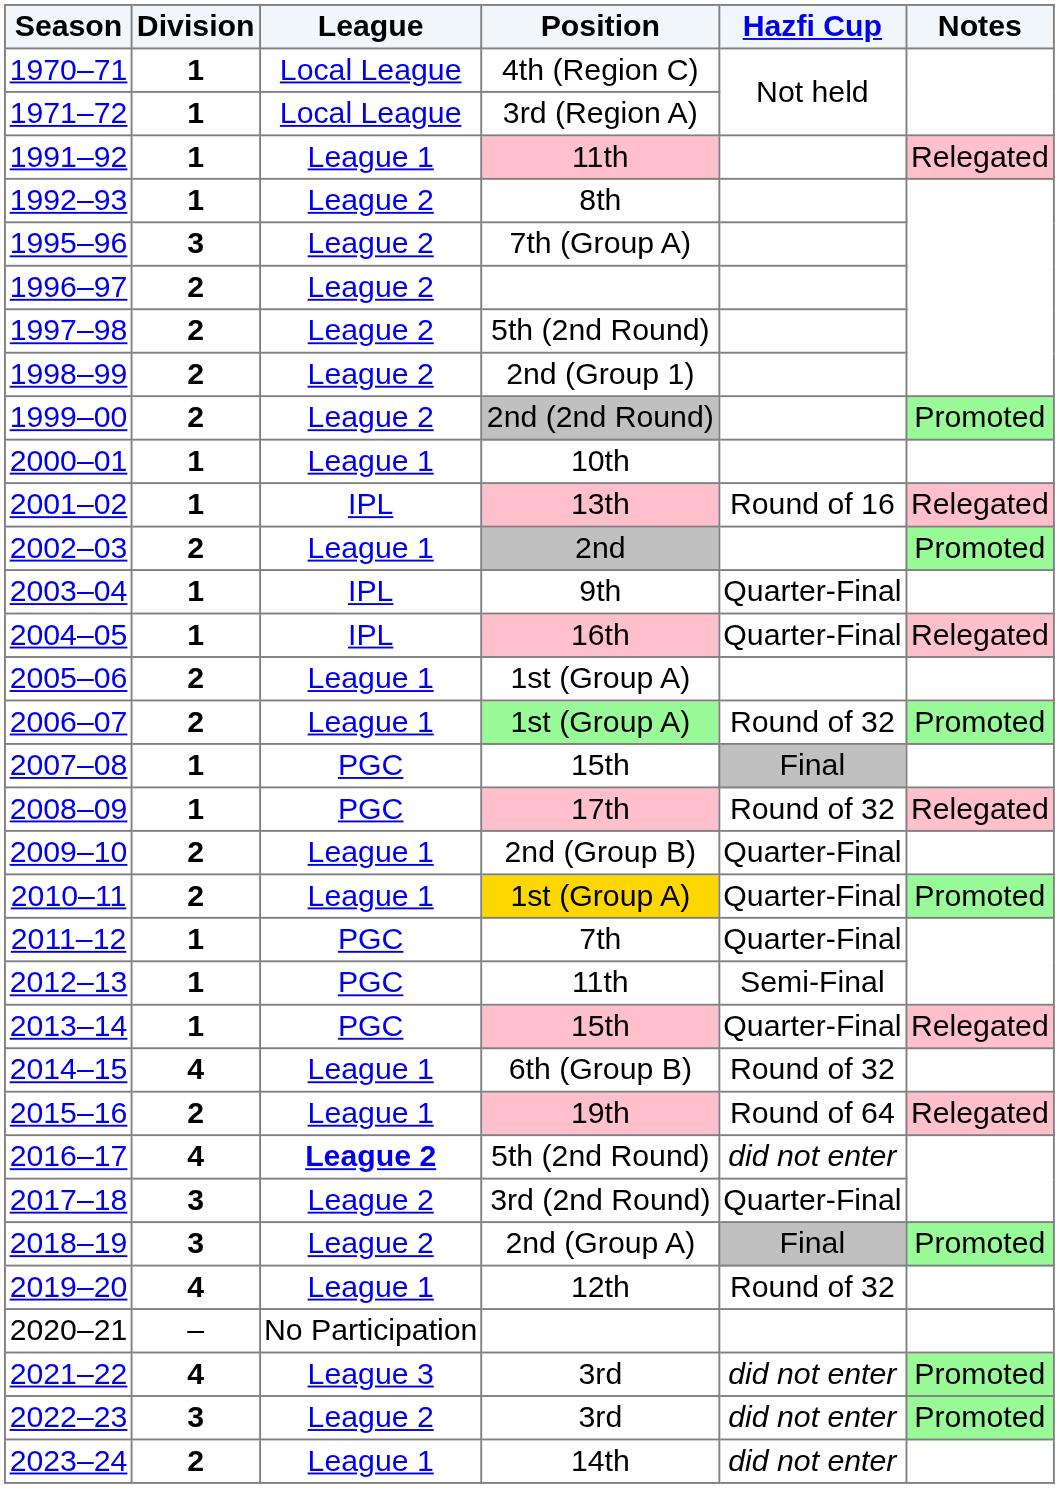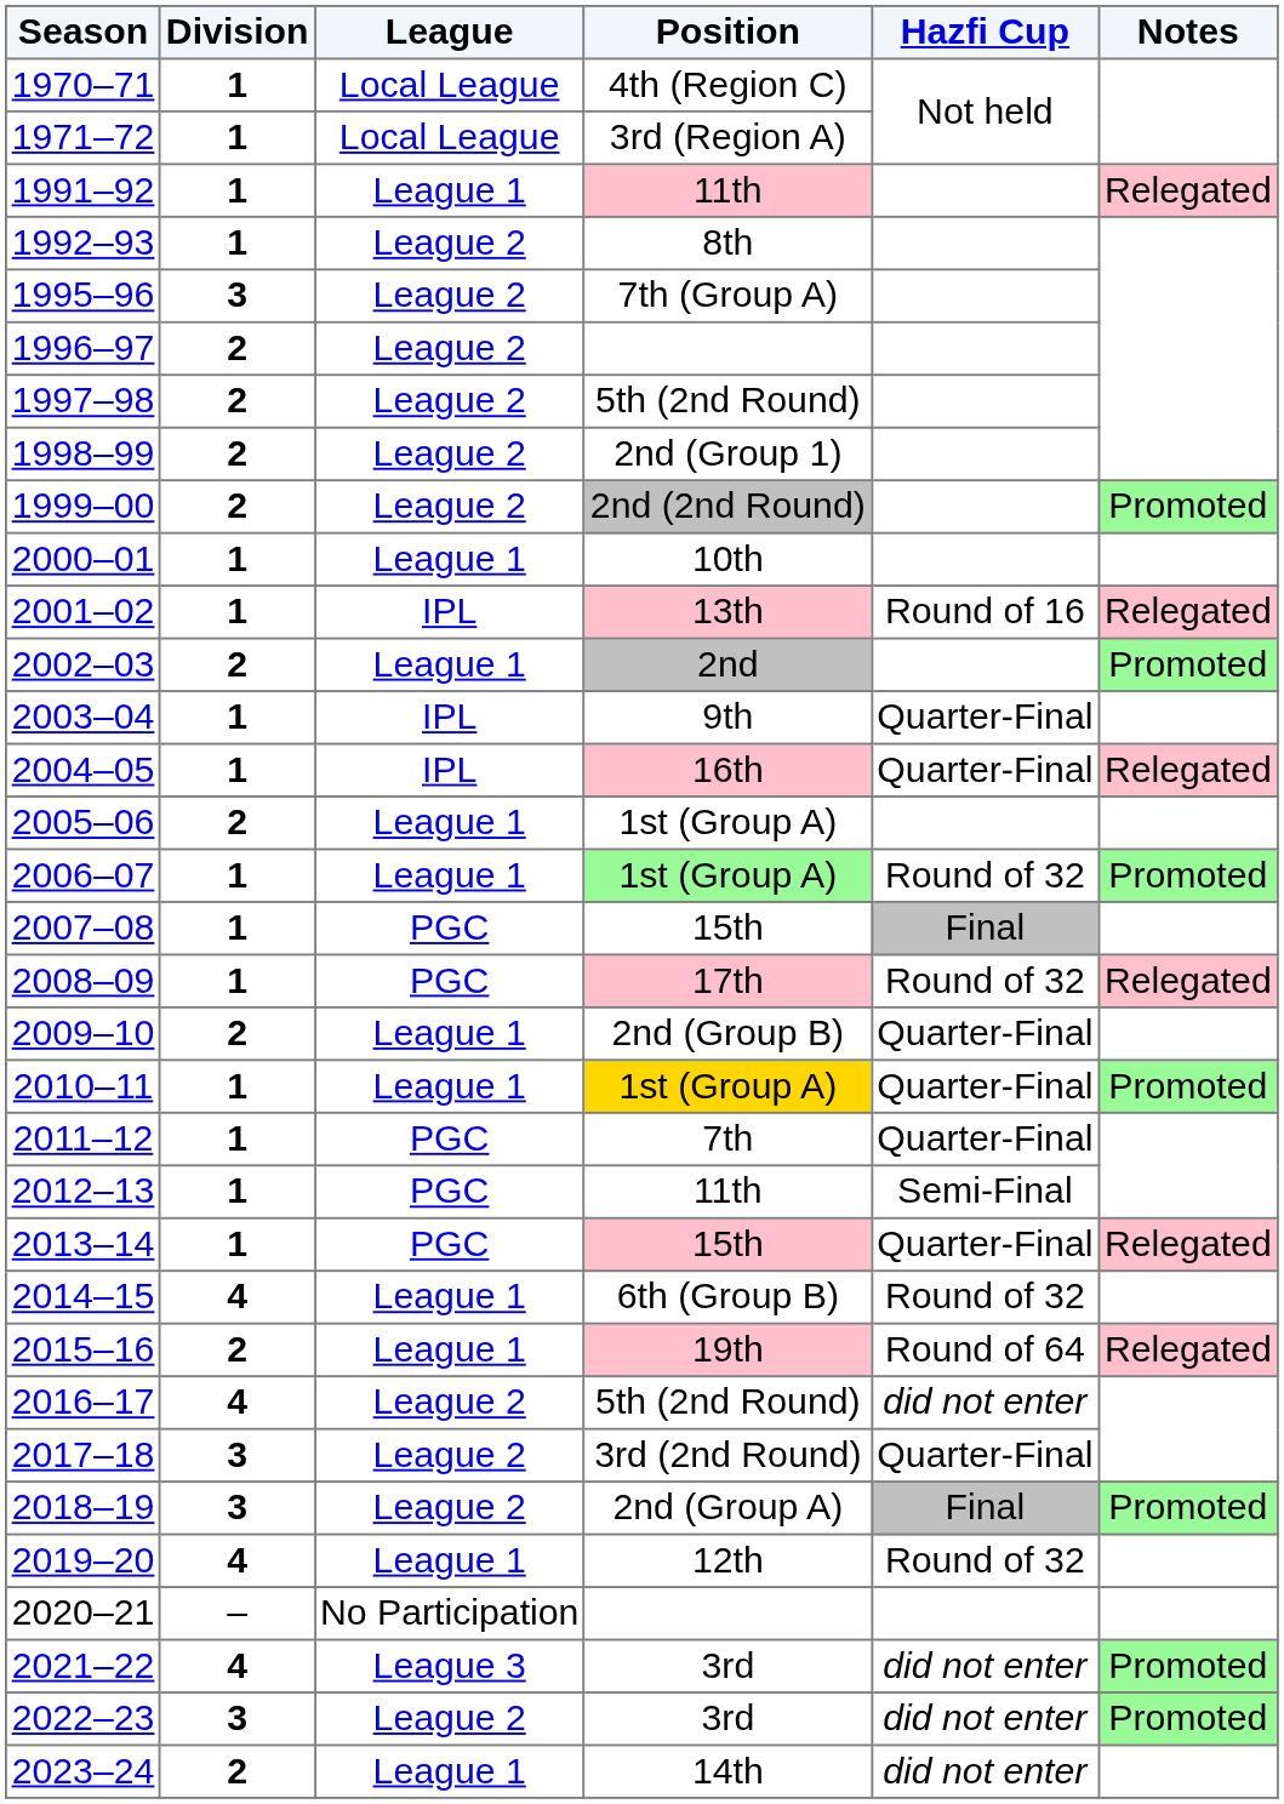 <table border="1" cellpadding="2" style="border-collapse:collapse; text-align:center; font-size:normal;">
 <tr style="background:#f0f6fa;">
 <th>Season</th>
 <th>Division</th>
 <th>League</th>
 <th>Position</th>
 <th><a href='#'>Hazfi Cup</a></th>
 <th>Notes</th>
 </tr>
 <tr>
 <td><a href='#'>1970–71</a></td>
 <td><strong>1</strong></td>
 <td><a href='#'>Local League</a></td>
 <td>4th (Region C)</td>
 <td rowspan="2" style="text-align:center;">Not held</td>
 <td rowspan="2"></td>
 </tr>
 <tr>
 <td><a href='#'>1971–72</a></td>
 <td><strong>1</strong></td>
 <td><a href='#'>Local League</a></td>
 <td>3rd (Region A)</td>
 </tr>
 <tr>
 <td><a href='#'>1991–92</a></td>
 <td><strong>1</strong></td>
 <td><a href='#'>League 1</a></td>
 <td bgcolor=Pink>11th</td>
 <td></td>
 <td bgcolor=Pink>Relegated</td>
 </tr>
 <tr>
 <td><a href='#'>1992–93</a></td>
 <td><strong>1</strong></td>
 <td><a href='#'>League 2</a></td>
 <td>8th</td>
 <td></td>
 <td rowspan="5"></td>
 </tr>
 <tr>
 <td><a href='#'>1995–96</a></td>
 <td><strong>3</strong></td>
 <td><a href='#'>League 2</a></td>
 <td>7th (Group A)</td>
 <td></td>
 </tr>
 <tr>
 <td><a href='#'>1996–97</a></td>
 <td><strong>2</strong></td>
 <td><a href='#'>League 2</a></td>
 <td></td>
 <td></td>
 </tr>
 <tr>
 <td><a href='#'>1997–98</a></td>
 <td><strong>2</strong></td>
 <td><a href='#'>League 2</a></td>
 <td>5th (2nd Round)</td>
 <td></td>
 </tr>
 <tr>
 <td><a href='#'>1998–99</a></td>
 <td><strong>2</strong></td>
 <td><a href='#'>League 2</a></td>
 <td>2nd (Group 1)</td>
 <td></td>
 </tr>
 <tr>
 <td><a href='#'>1999–00</a></td>
 <td><strong>2</strong></td>
 <td><a href='#'>League 2</a></td>
 <td style="background:silver">2nd (2nd Round)</td>
 <td></td>
 <td bgcolor=PaleGreen>Promoted</td>
 </tr>
 <tr>
 <td><a href='#'>2000–01</a></td>
 <td><strong>1</strong></td>
 <td><a href='#'>League 1</a></td>
 <td>10th</td>
 <td></td>
 <td></td>
 </tr>
 <tr>
 <td><a href='#'>2001–02</a></td>
 <td><strong>1</strong></td>
 <td><a href='#'>IPL</a></td>
 <td bgcolor=Pink>13th</td>
 <td>Round of 16</td>
 <td bgcolor=Pink>Relegated</td>
 </tr>
 <tr>
 <td><a href='#'>2002–03</a></td>
 <td><strong>2</strong></td>
 <td><a href='#'>League 1</a></td>
 <td style="background:silver">2nd</td>
 <td></td>
 <td bgcolor=PaleGreen>Promoted</td>
 </tr>
 <tr>
 <td><a href='#'>2003–04</a></td>
 <td><strong>1</strong></td>
 <td><a href='#'>IPL</a></td>
 <td>9th</td>
 <td>Quarter-Final</td>
 <td></td>
 </tr>
 <tr>
 <td><a href='#'>2004–05</a></td>
 <td><strong>1</strong></td>
 <td><a href='#'>IPL</a></td>
 <td bgcolor=Pink>16th</td>
 <td>Quarter-Final</td>
 <td bgcolor=Pink>Relegated</td>
 </tr>
 <tr>
 <td><a href='#'>2005–06</a></td>
 <td><strong>2</strong></td>
 <td><a href='#'>League 1</a></td>
 <td>1st (Group A)</td>
 <td></td>
 <td></td>
 </tr>
 <tr>
 <td><a href='#'>2006–07</a></td>
-<td><strong>2</strong></td>
+<td><strong>1</strong></td>
 <td><a href='#'>League 1</a></td>
 <td bgcolor=PaleGreen>1st (Group A)</td>
 <td>Round of 32</td>
 <td bgcolor=PaleGreen>Promoted</td>
 </tr>
 <tr>
 <td><a href='#'>2007–08</a></td>
 <td><strong>1</strong></td>
 <td><a href='#'>PGC</a></td>
 <td>15th</td>
 <td style="background:silver">Final</td>
 <td></td>
 </tr>
 <tr>
 <td><a href='#'>2008–09</a></td>
 <td><strong>1</strong></td>
 <td><a href='#'>PGC</a></td>
 <td bgcolor=Pink>17th</td>
 <td>Round of 32</td>
 <td bgcolor=Pink>Relegated</td>
 </tr>
 <tr>
 <td><a href='#'>2009–10</a></td>
 <td><strong>2</strong></td>
 <td><a href='#'>League 1</a></td>
 <td>2nd (Group B)</td>
 <td>Quarter-Final</td>
 <td></td>
 </tr>
 <tr>
 <td><a href='#'>2010–11</a></td>
-<td><strong>2</strong></td>
+<td><strong>1</strong></td>
 <td><a href='#'>League 1</a></td>
 <td bgcolor=gold>1st (Group A)</td>
 <td>Quarter-Final</td>
 <td bgcolor=PaleGreen>Promoted</td>
 </tr>
 <tr>
 <td><a href='#'>2011–12</a></td>
 <td><strong>1</strong></td>
 <td><a href='#'>PGC</a></td>
 <td>7th</td>
 <td>Quarter-Final</td>
 <td rowspan="2"></td>
 </tr>
 <tr>
 <td><a href='#'>2012–13</a></td>
 <td><strong>1</strong></td>
 <td><a href='#'>PGC</a></td>
 <td>11th</td>
 <td>Semi-Final</td>
 </tr>
 <tr>
 <td><a href='#'>2013–14</a></td>
 <td><strong>1</strong></td>
 <td><a href='#'>PGC</a></td>
 <td bgcolor=Pink>15th</td>
 <td>Quarter-Final</td>
 <td bgcolor=Pink>Relegated</td>
 </tr>
 <tr>
 <td><a href='#'>2014–15</a></td>
 <td><strong>4</strong></td>
 <td><a href='#'>League 1</a></td>
 <td>6th (Group B)</td>
 <td>Round of 32</td>
 <td></td>
 </tr>
 <tr>
 <td><a href='#'>2015–16</a></td>
 <td><strong>2</strong></td>
 <td><a href='#'>League 1</a></td>
 <td bgcolor=Pink>19th</td>
 <td>Round of 64</td>
 <td bgcolor=Pink>Relegated</td>
 </tr>
 <tr>
 <td><a href='#'>2016–17</a></td>
 <td><strong>4</strong></td>
-<td><strong><a href='#'>League 2</a></strong></td>
+<td><a href='#'>League 2</a></td>
 <td>5th (2nd Round)</td>
 <td><em>did not enter</em></td>
 <td rowspan="2"></td>
 </tr>
 <tr>
 <td><a href='#'>2017–18</a></td>
 <td><strong>3</strong></td>
 <td><a href='#'>League 2</a></td>
 <td>3rd (2nd Round)</td>
 <td>Quarter-Final</td>
 </tr>
 <tr>
 <td><a href='#'>2018–19</a></td>
 <td><strong>3</strong></td>
 <td><a href='#'>League 2</a></td>
 <td>2nd (Group A)</td>
 <td style="background:silver">Final</td>
 <td bgcolor=PaleGreen>Promoted</td>
 </tr>
 <tr>
 <td><a href='#'>2019–20</a></td>
 <td><strong>4</strong></td>
 <td><a href='#'>League 1</a></td>
 <td>12th</td>
 <td>Round of 32</td>
 <td></td>
 </tr>
 <tr>
 <td>2020–21</td>
 <td>–</td>
 <td>No Participation</td>
 <td></td>
 <td></td>
 </tr>
 <tr>
 <td><a href='#'>2021–22</a></td>
 <td><strong>4</strong></td>
 <td><a href='#'>League 3</a></td>
 <td>3rd</td>
 <td><em>did not enter</em></td>
 <td bgcolor=PaleGreen>Promoted</td>
 </tr>
 <tr>
 <td><a href='#'>2022–23</a></td>
 <td><strong>3</strong></td>
 <td><a href='#'>League 2</a></td>
 <td>3rd</td>
 <td><em>did not enter</em></td>
 <td bgcolor=PaleGreen>Promoted</td>
 </tr>
 <tr>
 <td><a href='#'>2023–24</a></td>
 <td><strong>2</strong></td>
 <td><a href='#'>League 1</a></td>
 <td>14th</td>
 <td><em>did not enter</em></td>
 <td></td>
 </tr>
 </table>
